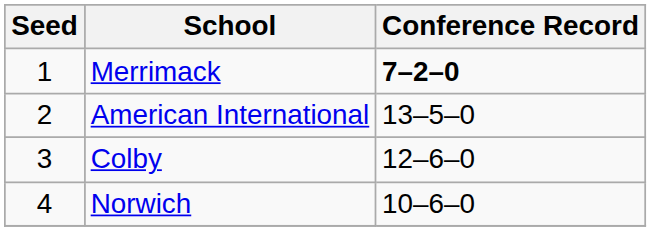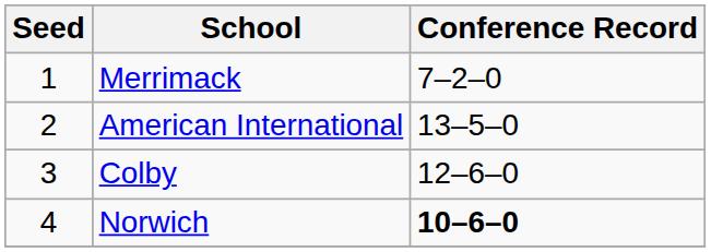 <table class="wikitable">
 <tr>
 <th>Seed</th>
 <th>School</th>
 <th>Conference Record</th>
 </tr>
 <tr>
 <td align=center>1</td>
 <td><a href='#'>Merrimack</a></td>
-<td><strong>7–2–0</strong></td>
+<td>7–2–0</td>
 </tr>
 <tr>
 <td align=center>2</td>
 <td><a href='#'>American International</a></td>
 <td>13–5–0</td>
 </tr>
 <tr>
 <td align=center>3</td>
 <td><a href='#'>Colby</a></td>
 <td>12–6–0</td>
 </tr>
 <tr>
 <td align=center>4</td>
 <td><a href='#'>Norwich</a></td>
-<td>10–6–0</td>
+<td><strong>10–6–0</strong></td>
 </tr>
 <tr>
 </tr>
 </table>
